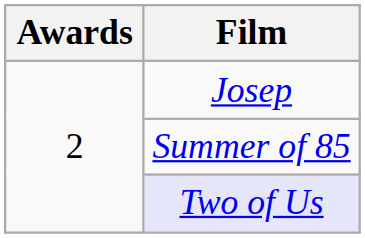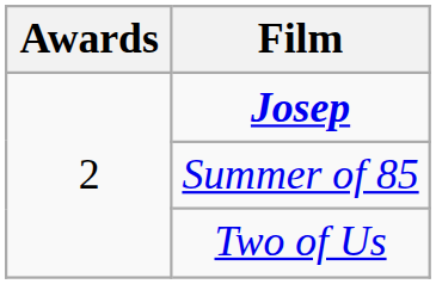 <table class="wikitable plainrowheaders" style="text-align:center;">
 <tr>
 <th scope="col" style="width:55px;">Awards</th>
 <th scope="col" style="text-align:center;">Film</th>
 </tr>
 <tr>
 <td rowspan="3">2</td>
-<td><em><a href='#'>Josep</a></em></td>
+<td><strong><em><a href='#'>Josep</a></em></strong></td>
 </tr>
 <tr>
 <td><em><a href='#'>Summer of 85</a></em></td>
 </tr>
 <tr>
-<td style="background: lavender;"><em><a href='#'>Two of Us</a></em></td>
+<td><em><a href='#'>Two of Us</a></em></td>
 </tr>
 </table>
